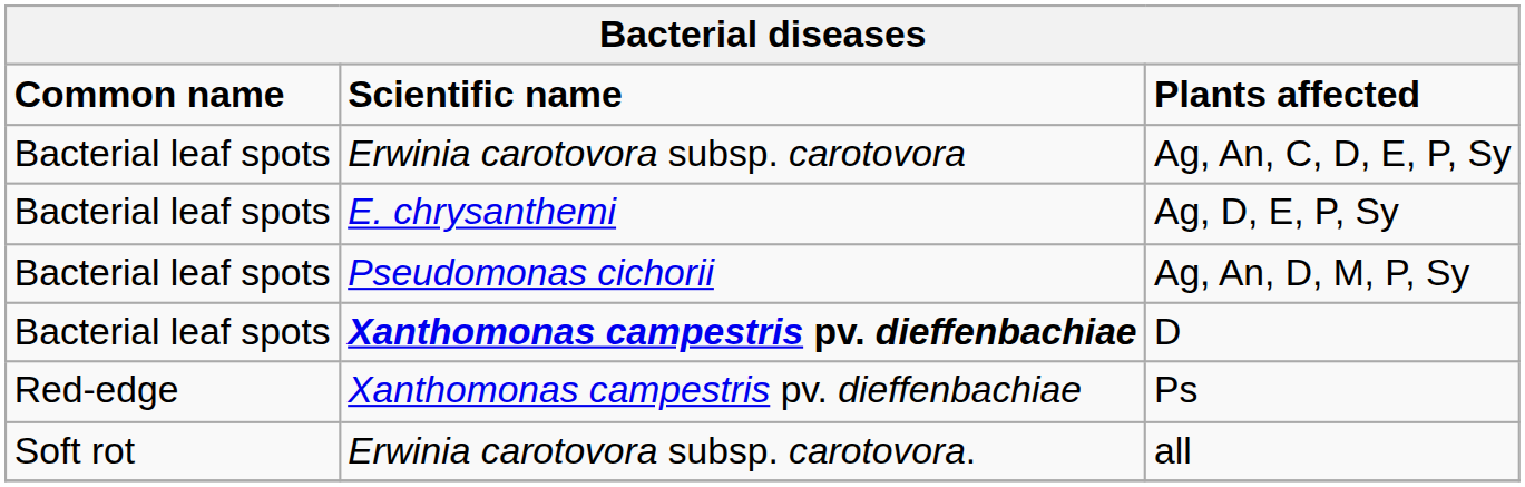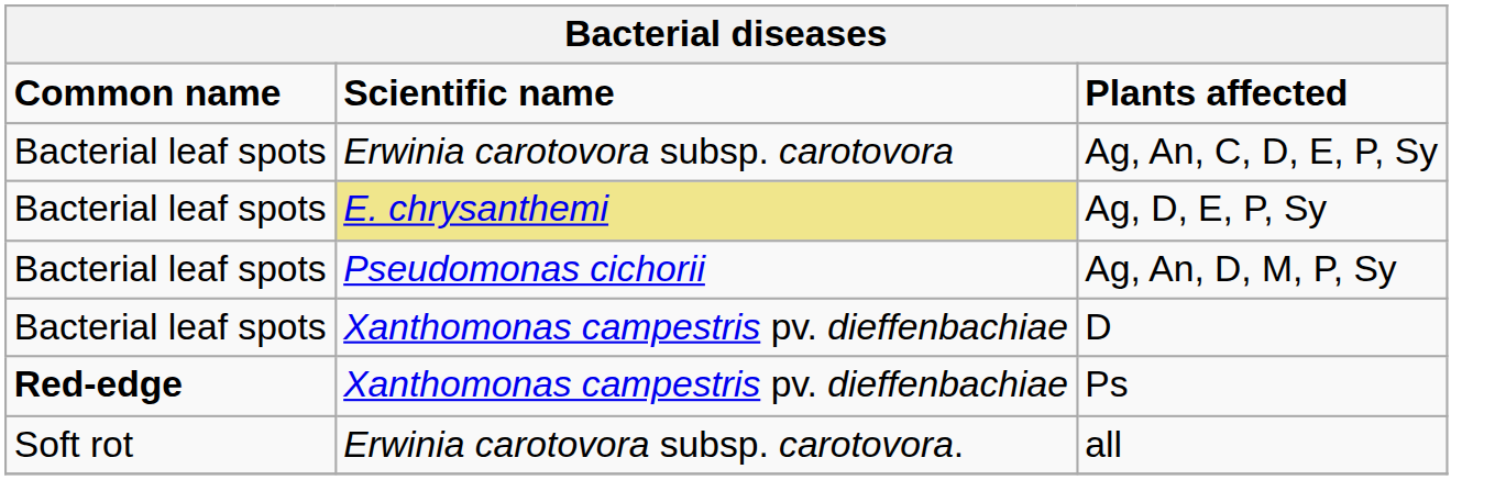 <table class="wikitable" style="clear">
 <tr>
 <th colspan=3><strong>Bacterial diseases</strong><br></th>
 </tr>
 <tr>
 <td><strong>Common name</strong></td>
 <td><strong>Scientific name</strong></td>
 <td><strong>Plants affected</strong></td>
 </tr>
 <tr>
 <td>Bacterial leaf spots</td>
 <td><em>Erwinia carotovora</em> subsp. <em>carotovora</em></td>
 <td>Ag, An, C, D, E, P, Sy</td>
 </tr>
 <tr>
 <td>Bacterial leaf spots</td>
-<td><em><a href='#'>E. chrysanthemi</a></em></td>
+<td style="background: khaki;"><em><a href='#'>E. chrysanthemi</a></em></td>
 <td>Ag, D, E, P, Sy</td>
 </tr>
 <tr>
 <td>Bacterial leaf spots</td>
 <td><em><a href='#'>Pseudomonas cichorii</a></em></td>
 <td>Ag, An, D, M, P, Sy</td>
 </tr>
 <tr>
 <td>Bacterial leaf spots</td>
-<td><strong><em><a href='#'>Xanthomonas campestris</a></em> pv. <em>dieffenbachiae</em></strong></td>
+<td><em><a href='#'>Xanthomonas campestris</a></em> pv. <em>dieffenbachiae</em></td>
 <td>D</td>
 </tr>
 <tr>
-<td>Red-edge</td>
+<td><strong>Red-edge</strong></td>
 <td><em><a href='#'>Xanthomonas campestris</a></em> pv. <em>dieffenbachiae</em></td>
 <td>Ps</td>
 </tr>
 <tr>
 <td>Soft rot</td>
 <td><em>Erwinia carotovora</em> subsp. <em>carotovora</em>.</td>
 <td>all</td>
 </tr>
 <tr>
 </tr>
 </table>
